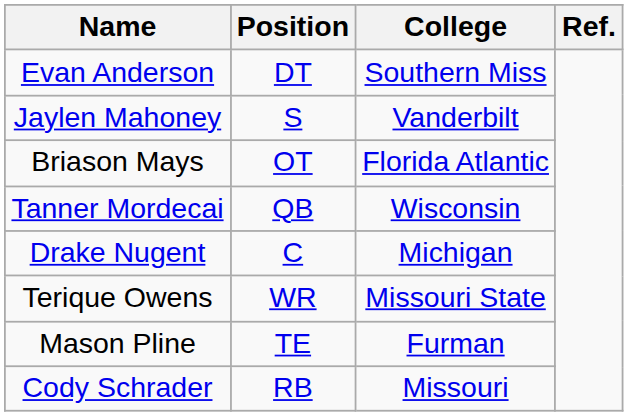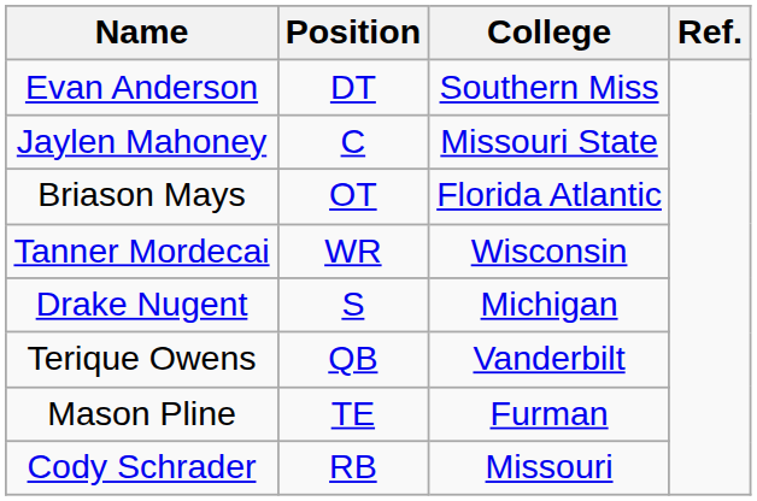 <table class="wikitable" style="text-align:center">
 <tr>
 <th>Name</th>
 <th>Position</th>
 <th>College</th>
 <th>Ref.</th>
 </tr>
 <tr>
 <td><a href='#'>Evan Anderson</a></td>
 <td><a href='#'>DT</a></td>
 <td><a href='#'>Southern Miss</a></td>
 <td rowspan="8"></td>
 </tr>
 <tr>
 <td><a href='#'>Jaylen Mahoney</a></td>
-<td><a href='#'>S</a></td>
-<td><a href='#'>Vanderbilt</a></td>
+<td><a href='#'>C</a></td>
+<td><a href='#'>Missouri State</a></td>
 </tr>
 <tr>
 <td>Briason Mays</td>
 <td><a href='#'>OT</a></td>
 <td><a href='#'>Florida Atlantic</a></td>
 </tr>
 <tr>
 <td><a href='#'>Tanner Mordecai</a></td>
-<td><a href='#'>QB</a></td>
+<td><a href='#'>WR</a></td>
 <td><a href='#'>Wisconsin</a></td>
 </tr>
 <tr>
 <td><a href='#'>Drake Nugent</a></td>
-<td><a href='#'>C</a></td>
+<td><a href='#'>S</a></td>
 <td><a href='#'>Michigan</a></td>
 </tr>
 <tr>
 <td>Terique Owens</td>
-<td><a href='#'>WR</a></td>
-<td><a href='#'>Missouri State</a></td>
+<td><a href='#'>QB</a></td>
+<td><a href='#'>Vanderbilt</a></td>
 </tr>
 <tr>
 <td>Mason Pline</td>
 <td><a href='#'>TE</a></td>
 <td><a href='#'>Furman</a></td>
 </tr>
 <tr>
 <td><a href='#'>Cody Schrader</a></td>
 <td><a href='#'>RB</a></td>
 <td><a href='#'>Missouri</a></td>
 </tr>
 </table>
